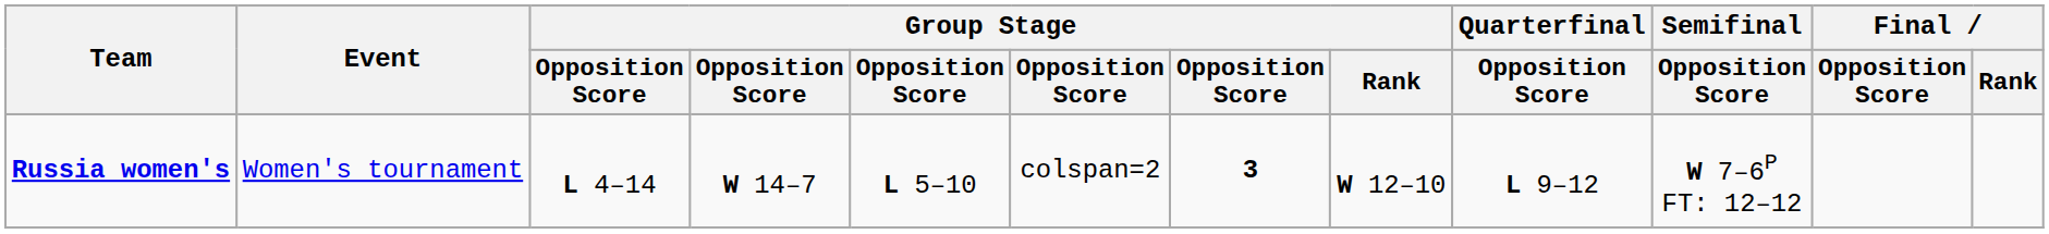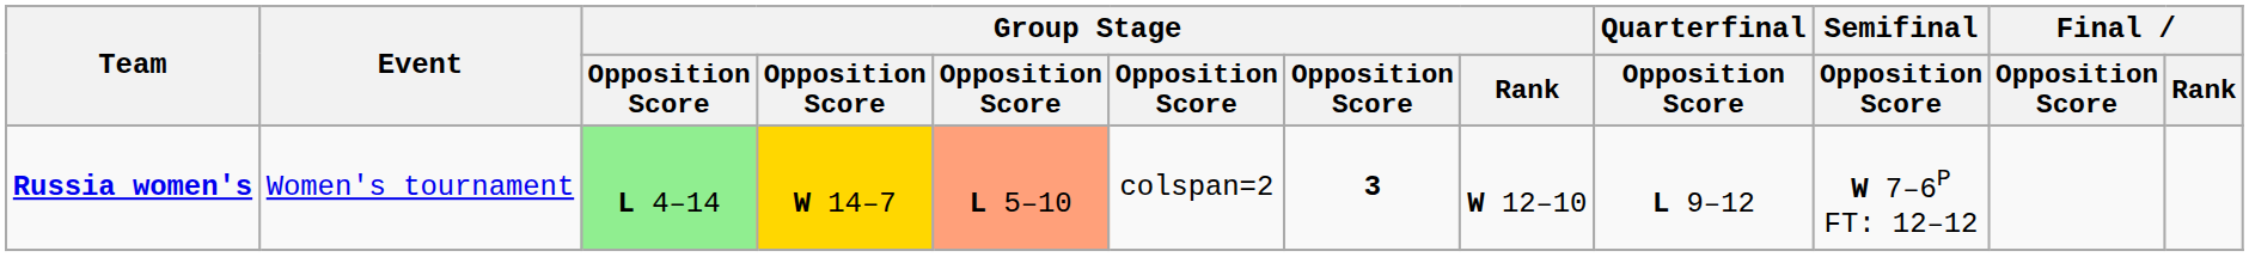 <table class="wikitable" style="font-size:90%">
 <tr>
 <th rowspan=2>Team</th>
 <th rowspan=2>Event</th>
 <th colspan=6>Group Stage</th>
 <th>Quarterfinal</th>
 <th>Semifinal</th>
 <th colspan=2>Final / </th>
 </tr>
 <tr style="font-size:95%">
 <th>Opposition<br>Score</th>
 <th>Opposition<br>Score</th>
 <th>Opposition<br>Score</th>
 <th>Opposition<br>Score</th>
 <th>Opposition<br>Score</th>
 <th>Rank</th>
 <th>Opposition<br>Score</th>
 <th>Opposition<br>Score</th>
 <th>Opposition<br>Score</th>
 <th>Rank</th>
 </tr>
 <tr align=center>
 <td align=left><strong><a href='#'>Russia women's</a></strong></td>
 <td align=left><a href='#'>Women's tournament</a></td>
-<td><br><strong>L</strong> 4–14</td>
-<td><br><strong>W</strong> 14–7</td>
-<td><br><strong>L</strong> 5–10</td>
+<td style="background: lightgreen;"><br><strong>L</strong> 4–14</td>
+<td style="background: gold;"><br><strong>W</strong> 14–7</td>
+<td style="background: lightsalmon;"><br><strong>L</strong> 5–10</td>
 <td>colspan=2 </td>
 <td><strong>3</strong></td>
 <td><br><strong>W</strong> 12–10</td>
 <td><br><strong>L</strong> 9–12</td>
 <td><br><strong>W</strong> 7–6<sup>P</sup><br>FT: 12–12</td>
 <td></td>
 </tr>
 </table>
